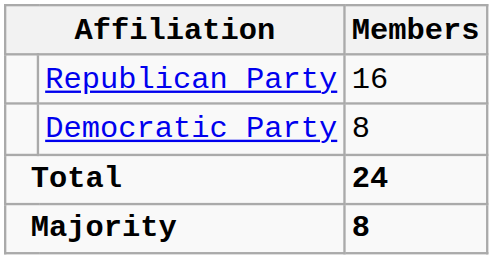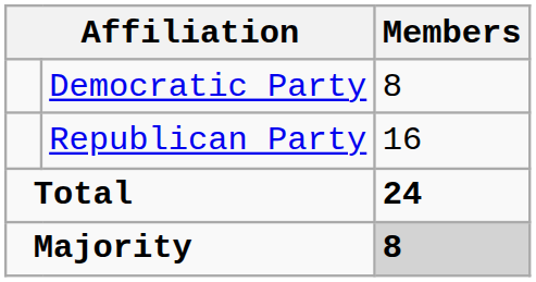 <table class="wikitable">
 <tr>
 <th colspan="2">Affiliation</th>
 <th>Members</th>
 </tr>
 <tr>
 <td style="background-color:"> </td>
-<td><a href='#'>Republican Party</a></td>
-<td>16</td>
+<td><a href='#'>Democratic Party</a></td>
+<td>8</td>
 </tr>
 <tr>
 <td style="background-color:"> </td>
-<td><a href='#'>Democratic Party</a></td>
-<td>8</td>
+<td><a href='#'>Republican Party</a></td>
+<td>16</td>
 </tr>
 <tr>
 <td colspan="2" rowspan="1"> <strong>Total</strong><br></td>
 <td><strong>24</strong></td>
 </tr>
 <tr>
 <td colspan="2" rowspan="1"> <strong>Majority</strong><br></td>
-<td><strong>8</strong></td>
+<td style="background: lightgrey;"><strong>8</strong></td>
 </tr>
 </table>
